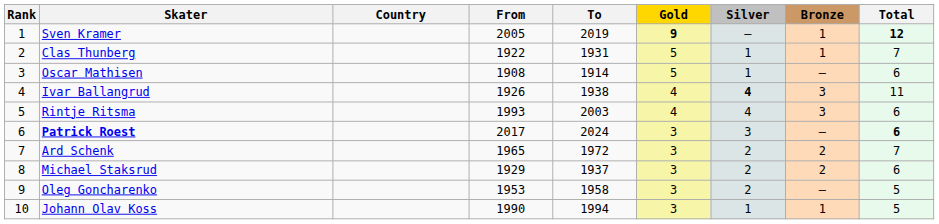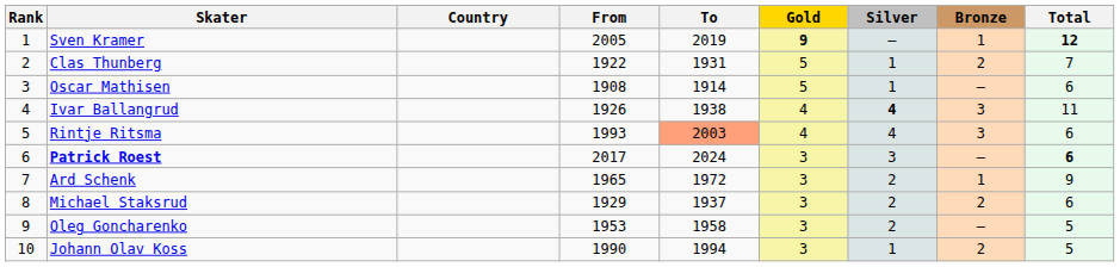 <table class="wikitable plainrowheaders" width=80% style="text-align:center;">
 <tr style="background-color:#EDEDED;">
 <th class="hintergrundfarbe5" style="width:1em">Rank</th>
 <th class="hintergrundfarbe5">Skater</th>
 <th class="hintergrundfarbe5">Country</th>
 <th class="hintergrundfarbe5">From</th>
 <th class="hintergrundfarbe5">To</th>
 <th style="background:    gold; width:8%">Gold</th>
 <th style="background:  silver; width:8%">Silver</th>
 <th style="background: #CC9966; width:8%">Bronze</th>
 <th class="hintergrundfarbe5" style="width:8%">Total</th>
 </tr>
 <tr>
 <td>1</td>
 <td align="left"><a href='#'>Sven Kramer</a></td>
 <td align="left"></td>
 <td>2005</td>
 <td>2019</td>
 <td bgcolor="#F7F6A8"><strong>9</strong></td>
 <td bgcolor="#DCE5E5">–</td>
 <td bgcolor="#FFDAB9">1</td>
 <td bgcolor="#E7FAEC"><strong>12</strong></td>
 </tr>
 <tr align="center">
 <td>2</td>
 <td align="left"><a href='#'>Clas Thunberg</a></td>
 <td align="left"></td>
 <td>1922</td>
 <td>1931</td>
 <td bgcolor="#F7F6A8">5</td>
 <td bgcolor="#DCE5E5">1</td>
-<td bgcolor="#FFDAB9">1</td>
+<td bgcolor="#FFDAB9">2</td>
 <td bgcolor="#E7FAEC">7</td>
 </tr>
 <tr align="center">
 <td>3</td>
 <td align="left"><a href='#'>Oscar Mathisen</a></td>
 <td align="left"></td>
 <td>1908</td>
 <td>1914</td>
 <td bgcolor="#F7F6A8">5</td>
 <td bgcolor="#DCE5E5">1</td>
 <td bgcolor="#FFDAB9">–</td>
 <td bgcolor="#E7FAEC">6</td>
 </tr>
 <tr align="center">
 <td>4</td>
 <td align="left"><a href='#'>Ivar Ballangrud</a></td>
 <td align="left"></td>
 <td>1926</td>
 <td>1938</td>
 <td bgcolor="#F7F6A8">4</td>
 <td bgcolor="#DCE5E5"><strong>4</strong></td>
 <td bgcolor="#FFDAB9">3</td>
 <td bgcolor="#E7FAEC">11</td>
 </tr>
 <tr align="center">
 <td>5</td>
 <td align="left"><a href='#'>Rintje Ritsma</a></td>
 <td align="left"></td>
 <td>1993</td>
-<td>2003</td>
+<td style="background: lightsalmon;">2003</td>
 <td bgcolor="#F7F6A8">4</td>
 <td bgcolor="#DCE5E5">4</td>
 <td bgcolor="#FFDAB9">3</td>
 <td bgcolor="#E7FAEC">6</td>
 </tr>
 <tr align="center">
 <td>6</td>
 <td align="left"><strong><a href='#'>Patrick Roest</a></strong></td>
 <td align="left"></td>
 <td>2017</td>
 <td>2024</td>
 <td bgcolor="#F7F6A8">3</td>
 <td bgcolor="#DCE5E5">3</td>
 <td bgcolor="#FFDAB9">–</td>
 <td bgcolor="#E7FAEC"><strong>6</strong></td>
 </tr>
 <tr align="center">
 <td>7</td>
 <td align="left"><a href='#'>Ard Schenk</a></td>
 <td align="left"></td>
 <td>1965</td>
 <td>1972</td>
 <td bgcolor="#F7F6A8">3</td>
 <td bgcolor="#DCE5E5">2</td>
-<td bgcolor="#FFDAB9">2</td>
-<td bgcolor="#E7FAEC">7</td>
+<td bgcolor="#FFDAB9">1</td>
+<td bgcolor="#E7FAEC">9</td>
 </tr>
 <tr align="center">
 <td>8</td>
 <td align="left"><a href='#'>Michael Staksrud</a></td>
 <td align="left"></td>
 <td>1929</td>
 <td>1937</td>
 <td bgcolor="#F7F6A8">3</td>
 <td bgcolor="#DCE5E5">2</td>
 <td bgcolor="#FFDAB9">2</td>
 <td bgcolor="#E7FAEC">6</td>
 </tr>
 <tr align="center">
 <td>9</td>
 <td align="left"><a href='#'>Oleg Goncharenko</a></td>
 <td align="left"></td>
 <td>1953</td>
 <td>1958</td>
 <td bgcolor="#F7F6A8">3</td>
 <td bgcolor="#DCE5E5">2</td>
 <td bgcolor="#FFDAB9">–</td>
 <td bgcolor="#E7FAEC">5</td>
 </tr>
 <tr align="center">
 <td>10</td>
 <td align="left"><a href='#'>Johann Olav Koss</a></td>
 <td align="left"></td>
 <td>1990</td>
 <td>1994</td>
 <td bgcolor="#F7F6A8">3</td>
 <td bgcolor="#DCE5E5">1</td>
-<td bgcolor="#FFDAB9">1</td>
+<td bgcolor="#FFDAB9">2</td>
 <td bgcolor="#E7FAEC">5</td>
 </tr>
 </table>
